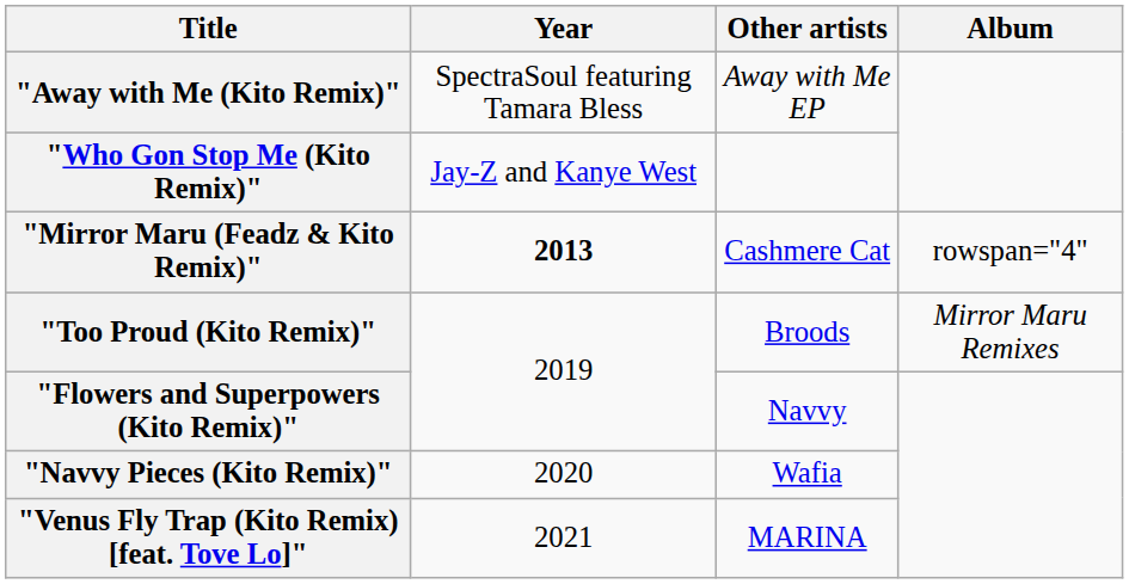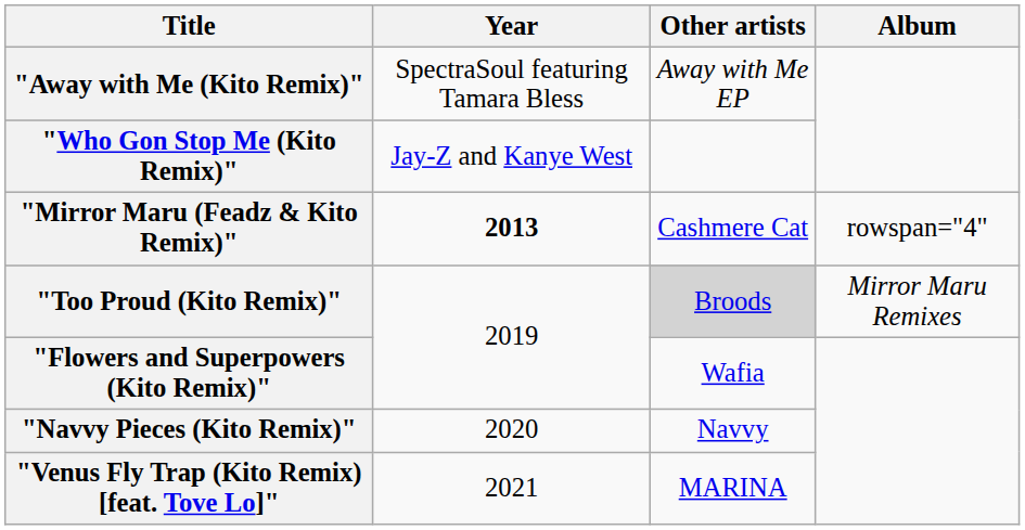 <table class="wikitable sortable plainrowheaders" style="text-align: center;">
 <tr>
 <th scope="col">Title</th>
 <th scope="col">Year</th>
 <th scope="col">Other artists</th>
 <th scope="col">Album</th>
 </tr>
 <tr>
 <th scope="row">"Away with Me (Kito Remix)"</th>
 <td>SpectraSoul featuring Tamara Bless</td>
 <td><em>Away with Me EP</em></td>
 </tr>
 <tr>
 <th scope="row">"<a href='#'>Who Gon Stop Me</a> (Kito Remix)"</th>
 <td><a href='#'>Jay-Z</a> and <a href='#'>Kanye West</a></td>
 <td></td>
 </tr>
 <tr>
 <th scope="row">"Mirror Maru (Feadz & Kito Remix)"</th>
 <td><strong>2013</strong></td>
 <td><a href='#'>Cashmere Cat</a></td>
 <td>rowspan="4" </td>
 </tr>
 <tr>
 <th scope="row">"Too Proud (Kito Remix)"</th>
 <td rowspan="2">2019</td>
-<td><a href='#'>Broods</a></td>
+<td style="background: lightgrey;"><a href='#'>Broods</a></td>
 <td><em>Mirror Maru Remixes</em></td>
 </tr>
 <tr>
 <th scope="row">"Flowers and Superpowers (Kito Remix)"</th>
-<td><a href='#'>Navvy</a></td>
+<td><a href='#'>Wafia</a></td>
 </tr>
 <tr>
 <th scope="row">"Navvy Pieces (Kito Remix)"</th>
 <td rowspan="1">2020</td>
-<td><a href='#'>Wafia</a></td>
+<td><a href='#'>Navvy</a></td>
 </tr>
 <tr>
 <th scope="row">"Venus Fly Trap (Kito Remix) [feat. <a href='#'>Tove Lo</a>]"</th>
 <td rowspan="1">2021</td>
 <td><a href='#'>MARINA</a></td>
 </tr>
 </table>
